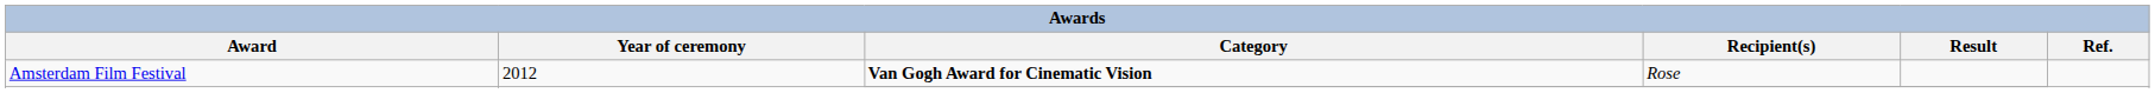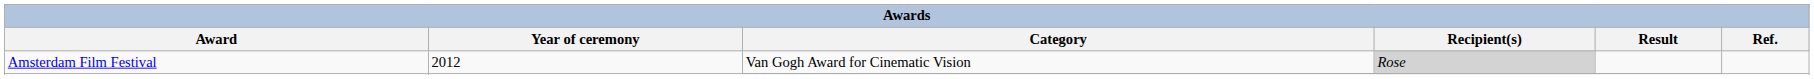 <table class="wikitable sortable" width="100%">
 <tr style="background:#ccc; text-align:center;">
 <th colspan="6" style="background: LightSteelBlue;">Awards</th>
 </tr>
 <tr style="background:#ccc; text-align:center;">
 <th>Award</th>
 <th>Year of ceremony</th>
 <th>Category</th>
 <th>Recipient(s)</th>
 <th>Result</th>
 <th class="unsortable">Ref.</th>
 </tr>
 <tr>
 <td rowspan="5"><a href='#'>Amsterdam Film Festival</a></td>
 <td rowspan="5">2012</td>
-<td><strong>Van Gogh Award for Cinematic Vision</strong></td>
-<td><em>Rose</em></td>
+<td>Van Gogh Award for Cinematic Vision</td>
+<td style="background: lightgrey;"><em>Rose</em></td>
 <td></td>
 <td rowspan="5" style="text-align:center;"></td>
 </tr>
 <tr>
 </tr>
 </table>
